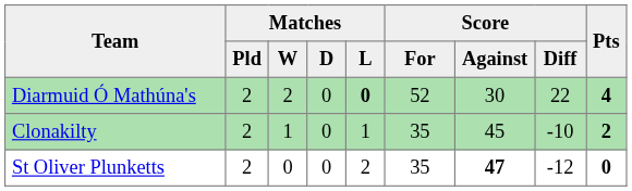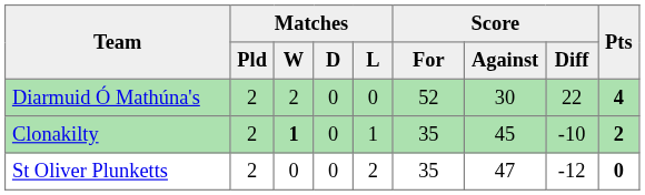 <table style=border-collapse:collapse border=1 cellspacing=0 cellpadding=5>
 <tr align=center bgcolor=#efefef>
 <th rowspan=2 width=165>Team</th>
 <th colspan=4>Matches</th>
 <th colspan=3>Score</th>
 <th rowspan=2width=20>Pts</th>
 </tr>
 <tr align=center bgcolor=#efefef>
 <th width=20>Pld</th>
 <th width=20>W</th>
 <th width=20>D</th>
 <th width=20>L</th>
 <th width=45>For</th>
 <th width=45>Against</th>
 <th width=30>Diff</th>
 </tr>
 <tr align=center style="background:#ACE1AF;">
 <td style="text-align:left;"><a href='#'>Diarmuid Ó Mathúna's</a></td>
 <td>2</td>
 <td>2</td>
 <td>0</td>
-<td><strong>0</strong></td>
+<td>0</td>
 <td>52</td>
 <td>30</td>
 <td>22</td>
 <td><strong>4</strong></td>
 </tr>
 <tr align=center style="background:#ACE1AF;">
 <td style="text-align:left;"><a href='#'>Clonakilty</a></td>
 <td>2</td>
-<td>1</td>
+<td><strong>1</strong></td>
 <td>0</td>
 <td>1</td>
 <td>35</td>
 <td>45</td>
 <td>-10</td>
 <td><strong>2</strong></td>
 </tr>
 <tr align=center>
 <td style="text-align:left;"><a href='#'>St Oliver Plunketts</a></td>
 <td>2</td>
 <td>0</td>
 <td>0</td>
 <td>2</td>
 <td>35</td>
-<td><strong>47</strong></td>
+<td>47</td>
 <td>-12</td>
 <td><strong>0</strong></td>
 </tr>
 </table>
